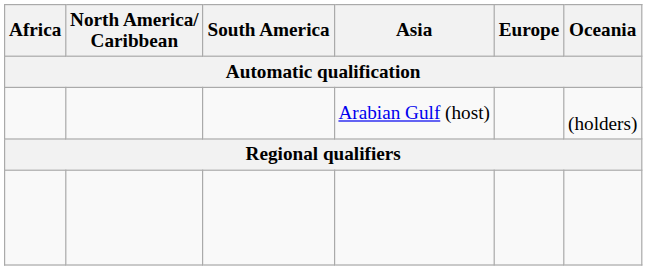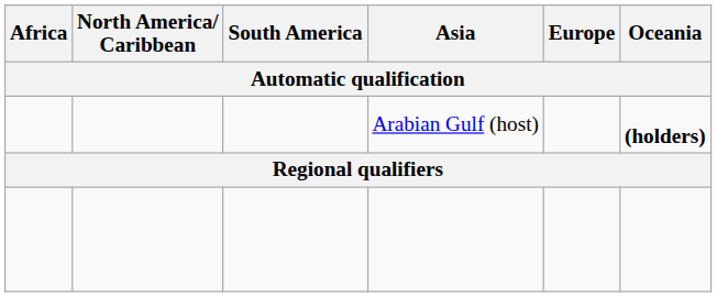 <table class="wikitable">
 <tr>
 <th>Africa</th>
 <th>North America/<br>Caribbean</th>
 <th>South America</th>
 <th>Asia</th>
 <th>Europe</th>
 <th>Oceania</th>
 </tr>
 <tr>
 <th colspan=6>Automatic qualification</th>
 </tr>
 <tr>
 <td></td>
 <td></td>
 <td></td>
 <td> <a href='#'>Arabian Gulf</a> (host)</td>
 <td><br><br></td>
-<td><br> (holders)<br></td>
+<td><strong><br> (holders)<br></strong></td>
 </tr>
 <tr>
 <th colspan=6>Regional qualifiers</th>
 </tr>
 <tr>
 <td><br><br></td>
 <td><br></td>
 <td></td>
 <td><br></td>
 <td><br><br><br><br></td>
 <td><br></td>
 </tr>
 </table>
